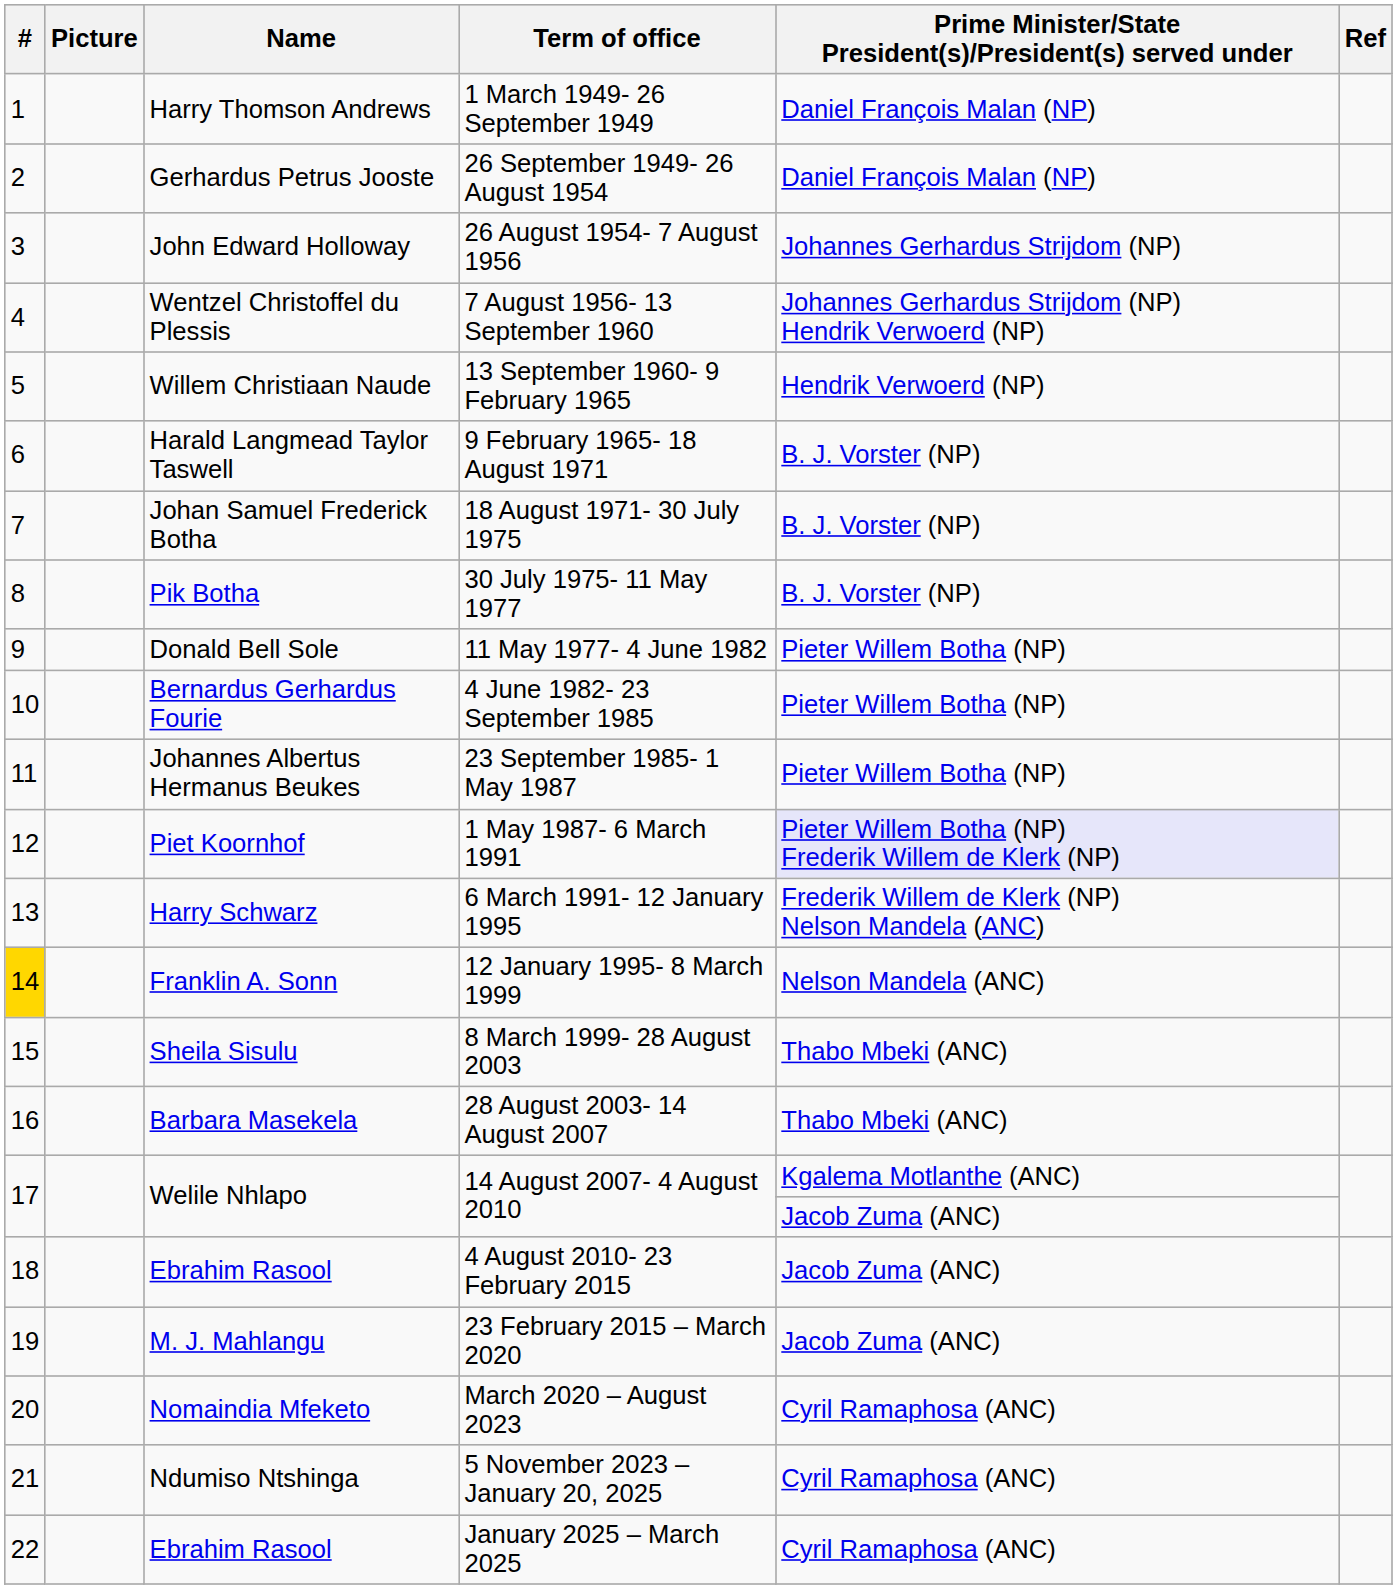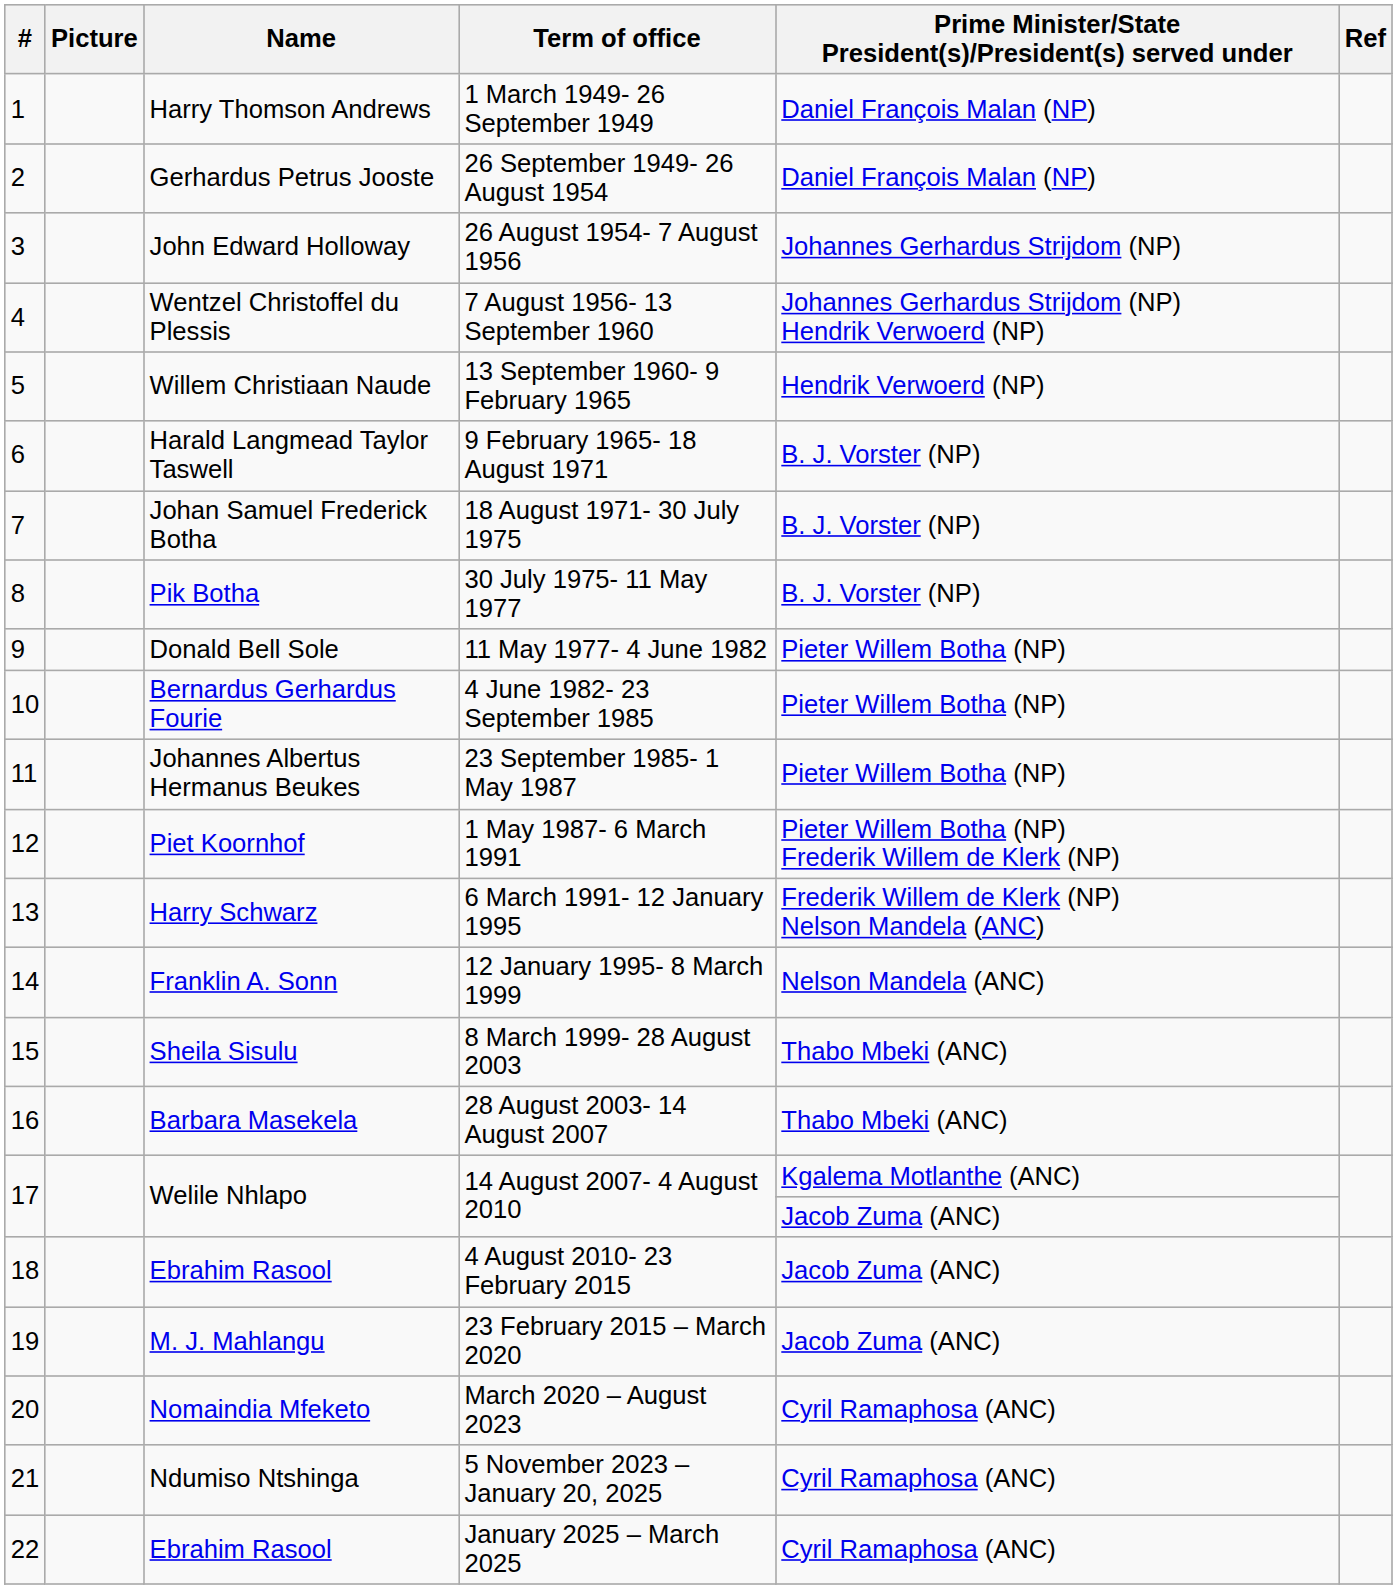 <table class="wikitable">
 <tr>
 <th>#</th>
 <th>Picture</th>
 <th>Name</th>
 <th>Term of office</th>
 <th>Prime Minister/State President(s)/President(s) served under</th>
 <th>Ref</th>
 </tr>
 <tr>
 <td>1</td>
 <td></td>
 <td>Harry Thomson Andrews</td>
 <td>1 March 1949- 26 September 1949</td>
 <td><a href='#'>Daniel François Malan</a> (<a href='#'>NP</a>)</td>
 <td></td>
 </tr>
 <tr>
 <td>2</td>
 <td></td>
 <td>Gerhardus Petrus Jooste</td>
 <td>26 September 1949- 26 August 1954</td>
 <td><a href='#'>Daniel François Malan</a> (<a href='#'>NP</a>)</td>
 <td></td>
 </tr>
 <tr>
 <td>3</td>
 <td></td>
 <td>John Edward Holloway</td>
 <td>26 August 1954- 7 August 1956</td>
 <td><a href='#'>Johannes Gerhardus Strijdom</a> (NP)</td>
 <td></td>
 </tr>
 <tr>
 <td>4</td>
 <td></td>
 <td>Wentzel Christoffel du Plessis </td>
 <td>7 August 1956- 13 September 1960</td>
 <td><a href='#'>Johannes Gerhardus Strijdom</a> (NP) <br><a href='#'>Hendrik Verwoerd</a> (NP)</td>
 <td></td>
 </tr>
 <tr>
 <td>5</td>
 <td></td>
 <td>Willem Christiaan Naude</td>
 <td>13 September 1960- 9 February 1965</td>
 <td><a href='#'>Hendrik Verwoerd</a> (NP)</td>
 <td></td>
 </tr>
 <tr>
 <td>6</td>
 <td></td>
 <td>Harald Langmead Taylor Taswell </td>
 <td>9 February 1965- 18 August 1971</td>
 <td><a href='#'>B. J. Vorster</a> (NP)</td>
 <td></td>
 </tr>
 <tr>
 <td>7</td>
 <td></td>
 <td>Johan Samuel Frederick Botha</td>
 <td>18 August 1971- 30 July 1975</td>
 <td><a href='#'>B. J. Vorster</a> (NP)</td>
 <td></td>
 </tr>
 <tr>
 <td>8</td>
 <td></td>
 <td><a href='#'>Pik Botha</a></td>
 <td>30 July 1975- 11 May 1977</td>
 <td><a href='#'>B. J. Vorster</a> (NP)</td>
 <td></td>
 </tr>
 <tr>
 <td>9</td>
 <td></td>
 <td>Donald Bell Sole</td>
 <td>11 May 1977- 4 June 1982</td>
 <td><a href='#'>Pieter Willem Botha</a> (NP)</td>
 <td></td>
 </tr>
 <tr>
 <td>10</td>
 <td></td>
 <td><a href='#'>Bernardus Gerhardus Fourie</a></td>
 <td>4 June 1982- 23 September 1985</td>
 <td><a href='#'>Pieter Willem Botha</a> (NP)</td>
 <td></td>
 </tr>
 <tr>
 <td>11</td>
 <td></td>
 <td>Johannes Albertus Hermanus Beukes</td>
 <td>23 September 1985- 1 May 1987</td>
 <td><a href='#'>Pieter Willem Botha</a> (NP)</td>
 <td></td>
 </tr>
 <tr>
 <td>12</td>
 <td></td>
 <td><a href='#'>Piet Koornhof</a></td>
 <td>1 May 1987- 6 March 1991</td>
-<td style="background: lavender;"><a href='#'>Pieter Willem Botha</a> (NP) <br><a href='#'>Frederik Willem de Klerk</a> (NP)</td>
+<td><a href='#'>Pieter Willem Botha</a> (NP) <br><a href='#'>Frederik Willem de Klerk</a> (NP)</td>
 <td></td>
 </tr>
 <tr>
 <td>13</td>
 <td></td>
 <td><a href='#'>Harry Schwarz</a></td>
 <td>6 March 1991- 12 January 1995</td>
 <td><a href='#'>Frederik Willem de Klerk</a> (NP) <br> <a href='#'>Nelson Mandela</a> (<a href='#'>ANC</a>)</td>
 <td></td>
 </tr>
 <tr>
-<td style="background: gold;">14</td>
+<td>14</td>
 <td></td>
 <td><a href='#'>Franklin A. Sonn</a></td>
 <td>12 January 1995- 8 March 1999</td>
 <td><a href='#'>Nelson Mandela</a> (ANC)</td>
 <td></td>
 </tr>
 <tr>
 <td>15</td>
 <td></td>
 <td><a href='#'>Sheila Sisulu</a></td>
 <td>8 March 1999- 28 August 2003</td>
 <td><a href='#'>Thabo Mbeki</a> (ANC)</td>
 <td></td>
 </tr>
 <tr>
 <td>16</td>
 <td></td>
 <td><a href='#'>Barbara Masekela</a></td>
 <td>28 August 2003- 14 August 2007</td>
 <td><a href='#'>Thabo Mbeki</a> (ANC)</td>
 <td></td>
 </tr>
 <tr>
 <td rowspan="2">17</td>
 <td rowspan="2"></td>
 <td rowspan="2">Welile Nhlapo</td>
 <td rowspan="2">14 August 2007- 4 August 2010</td>
 <td><a href='#'>Kgalema Motlanthe</a> (ANC)</td>
 <td rowspan="2"></td>
 </tr>
 <tr>
 <td><a href='#'>Jacob Zuma</a> (ANC)</td>
 </tr>
 <tr>
 <td>18</td>
 <td></td>
 <td><a href='#'>Ebrahim Rasool</a></td>
 <td>4 August 2010- 23 February 2015</td>
 <td><a href='#'>Jacob Zuma</a> (ANC)</td>
 <td></td>
 </tr>
 <tr>
 <td>19</td>
 <td></td>
 <td><a href='#'>M. J. Mahlangu</a></td>
 <td>23 February 2015 – March 2020</td>
 <td><a href='#'>Jacob Zuma</a> (ANC)</td>
 <td></td>
 </tr>
 <tr>
 <td>20</td>
 <td></td>
 <td><a href='#'>Nomaindia Mfeketo</a></td>
 <td>March 2020 – August 2023</td>
 <td><a href='#'>Cyril Ramaphosa</a> (ANC)</td>
 <td></td>
 </tr>
 <tr>
 <td>21</td>
 <td></td>
 <td>Ndumiso Ntshinga</td>
 <td>5 November 2023 – January 20, 2025</td>
 <td><a href='#'>Cyril Ramaphosa</a> (ANC)</td>
 <td></td>
 </tr>
 <tr>
 <td>22</td>
 <td></td>
 <td><a href='#'>Ebrahim Rasool</a></td>
 <td>January 2025 – March 2025</td>
 <td><a href='#'>Cyril Ramaphosa</a> (ANC)</td>
 <td></td>
 </tr>
 </table>
